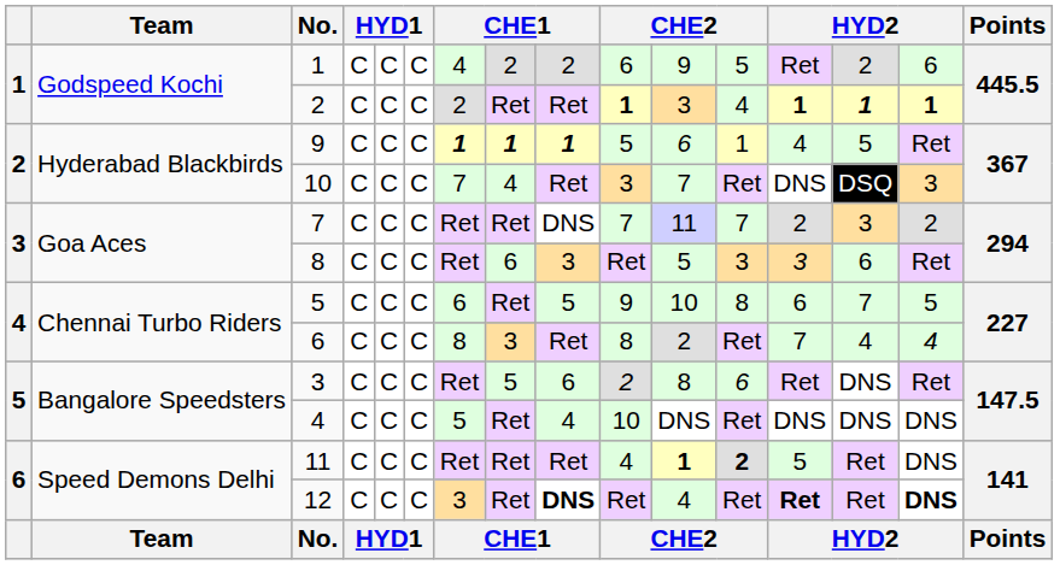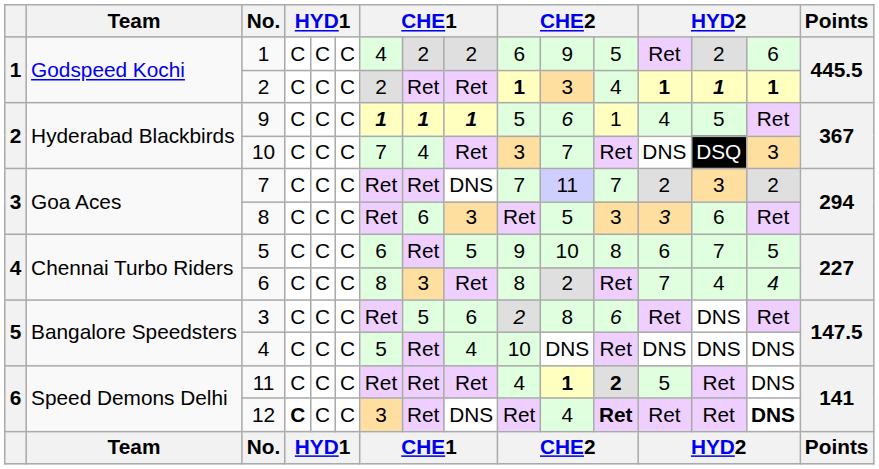 <table class="wikitable" style="font-size: 85%; text-align: center;">
 <tr>
 <th valign="middle"></th>
 <th valign="middle">Team</th>
 <th valign="middle">No.</th>
 <th colspan="3"><a href='#'>HYD</a>1<br></th>
 <th colspan="3"><a href='#'>CHE</a>1<br></th>
 <th colspan="3"><a href='#'>CHE</a>2<br></th>
 <th colspan="3"><a href='#'>HYD</a>2<br></th>
 <th valign="middle">Points</th>
 </tr>
 <tr>
 <th rowspan="2">1</th>
 <td align="left" rowspan="2"><a href='#'>Godspeed Kochi</a></td>
 <td>1</td>
 <td style="background:#ffffff;">C</td>
 <td style="background:#ffffff;">C</td>
 <td style="background:#ffffff;">C</td>
 <td style="background:#dfffdf;">4</td>
 <td style="background:#dfdfdf;">2</td>
 <td style="background:#dfdfdf;">2</td>
 <td style="background:#dfffdf;">6</td>
 <td style="background:#dfffdf;">9</td>
 <td style="background:#dfffdf;">5</td>
 <td style="background:#efcfff;">Ret</td>
 <td style="background:#dfdfdf;">2</td>
 <td style="background:#dfffdf;">6</td>
 <th rowspan="2">445.5</th>
 </tr>
 <tr>
 <td>2</td>
 <td style="background:#ffffff;">C</td>
 <td style="background:#ffffff;">C</td>
 <td style="background:#ffffff;">C</td>
 <td style="background:#dfdfdf;">2</td>
 <td style="background:#efcfff;">Ret</td>
 <td style="background:#efcfff;">Ret</td>
 <td style="background:#ffffbf;"><strong>1</strong></td>
 <td style="background:#ffdf9f;">3</td>
 <td style="background:#dfffdf;">4</td>
 <td style="background:#ffffbf;"><strong>1</strong></td>
 <td style="background:#ffffbf;"><strong><em>1</em></strong></td>
 <td style="background:#ffffbf;"><strong>1</strong></td>
 </tr>
 <tr>
 <th rowspan="2">2</th>
 <td align="left" rowspan="2">Hyderabad Blackbirds</td>
 <td>9</td>
 <td style="background:#ffffff;">C</td>
 <td style="background:#ffffff;">C</td>
 <td style="background:#ffffff;">C</td>
 <td style="background:#ffffbf;"><strong><em>1</em></strong></td>
 <td style="background:#ffffbf;"><strong><em>1</em></strong></td>
 <td style="background:#ffffbf;"><strong><em>1</em></strong></td>
 <td style="background:#dfffdf;">5</td>
 <td style="background:#dfffdf;"><em>6</em></td>
 <td style="background:#ffffbf;">1</td>
 <td style="background:#dfffdf;">4</td>
 <td style="background:#dfffdf;">5</td>
 <td style="background:#efcfff;">Ret</td>
 <th rowspan="2">367</th>
 </tr>
 <tr>
 <td>10</td>
 <td style="background:#ffffff;">C</td>
 <td style="background:#ffffff;">C</td>
 <td style="background:#ffffff;">C</td>
 <td style="background:#dfffdf;">7</td>
 <td style="background:#dfffdf;">4</td>
 <td style="background:#efcfff;">Ret</td>
 <td style="background:#ffdf9f;">3</td>
 <td style="background:#dfffdf;">7</td>
 <td style="background:#efcfff;">Ret</td>
 <td style="background:#ffffff;">DNS</td>
 <td style="background:#000000;color:white">DSQ</td>
 <td style="background:#ffdf9f;">3</td>
 </tr>
 <tr>
 <th rowspan="2">3</th>
 <td align="left" rowspan="2">Goa Aces</td>
 <td>7</td>
 <td style="background:#ffffff;">C</td>
 <td style="background:#ffffff;">C</td>
 <td style="background:#ffffff;">C</td>
 <td style="background:#efcfff;">Ret</td>
 <td style="background:#efcfff;">Ret</td>
 <td style="background:#ffffff;">DNS</td>
 <td style="background:#dfffdf;">7</td>
 <td style="background:#cfcfff;">11</td>
 <td style="background:#dfffdf;">7</td>
 <td style="background:#dfdfdf;">2</td>
 <td style="background:#ffdf9f;">3</td>
 <td style="background:#dfdfdf;">2</td>
 <th rowspan="2">294</th>
 </tr>
 <tr>
 <td>8</td>
 <td style="background:#ffffff;">C</td>
 <td style="background:#ffffff;">C</td>
 <td style="background:#ffffff;">C</td>
 <td style="background:#efcfff;">Ret</td>
 <td style="background:#dfffdf;">6</td>
 <td style="background:#ffdf9f;">3</td>
 <td style="background:#efcfff;">Ret</td>
 <td style="background:#dfffdf;">5</td>
 <td style="background:#ffdf9f;">3</td>
 <td style="background:#ffdf9f;"><em>3</em></td>
 <td style="background:#dfffdf;">6</td>
 <td style="background:#efcfff;">Ret</td>
 </tr>
 <tr>
 <th rowspan="2">4</th>
 <td align="left" rowspan="2">Chennai Turbo Riders</td>
 <td>5</td>
 <td style="background:#ffffff;">C</td>
 <td style="background:#ffffff;">C</td>
 <td style="background:#ffffff;">C</td>
 <td style="background:#dfffdf;">6</td>
 <td style="background:#efcfff;">Ret</td>
 <td style="background:#dfffdf;">5</td>
 <td style="background:#dfffdf;">9</td>
 <td style="background:#dfffdf;">10</td>
 <td style="background:#dfffdf;">8</td>
 <td style="background:#dfffdf;">6</td>
 <td style="background:#dfffdf;">7</td>
 <td style="background:#dfffdf;">5</td>
 <th rowspan="2">227</th>
 </tr>
 <tr>
 <td>6</td>
 <td style="background:#ffffff;">C</td>
 <td style="background:#ffffff;">C</td>
 <td style="background:#ffffff;">C</td>
 <td style="background:#dfffdf;">8</td>
 <td style="background:#ffdf9f;">3</td>
 <td style="background:#efcfff;">Ret</td>
 <td style="background:#dfffdf;">8</td>
 <td style="background:#dfdfdf;">2</td>
 <td style="background:#efcfff;">Ret</td>
 <td style="background:#dfffdf;">7</td>
 <td style="background:#dfffdf;">4</td>
 <td style="background:#dfffdf;"><em>4</em></td>
 </tr>
 <tr>
 <th rowspan="2">5</th>
 <td align="left" rowspan="2">Bangalore Speedsters</td>
 <td>3</td>
 <td style="background:#ffffff;">C</td>
 <td style="background:#ffffff;">C</td>
 <td style="background:#ffffff;">C</td>
 <td style="background:#efcfff;">Ret</td>
 <td style="background:#dfffdf;">5</td>
 <td style="background:#dfffdf;">6</td>
 <td style="background:#dfdfdf;"><em>2</em></td>
 <td style="background:#dfffdf;">8</td>
 <td style="background:#dfffdf;"><em>6</em></td>
 <td style="background:#efcfff;">Ret</td>
 <td style="background:#ffffff;">DNS</td>
 <td style="background:#efcfff;">Ret</td>
 <th rowspan="2">147.5</th>
 </tr>
 <tr>
 <td>4</td>
 <td style="background:#ffffff;">C</td>
 <td style="background:#ffffff;">C</td>
 <td style="background:#ffffff;">C</td>
 <td style="background:#dfffdf;">5</td>
 <td style="background:#efcfff;">Ret</td>
 <td style="background:#dfffdf;">4</td>
 <td style="background:#dfffdf;">10</td>
 <td style="background:#ffffff;">DNS</td>
 <td style="background:#efcfff;">Ret</td>
 <td style="background:#ffffff;">DNS</td>
 <td style="background:#ffffff;">DNS</td>
 <td style="background:#ffffff;">DNS</td>
 </tr>
 <tr>
 <th rowspan="2">6</th>
 <td align="left" rowspan="2">Speed Demons Delhi</td>
 <td>11</td>
 <td style="background:#ffffff;">C</td>
 <td style="background:#ffffff;">C</td>
 <td style="background:#ffffff;">C</td>
 <td style="background:#efcfff;">Ret</td>
 <td style="background:#efcfff;">Ret</td>
 <td style="background:#efcfff;">Ret</td>
 <td style="background:#dfffdf;">4</td>
 <td style="background:#ffffbf;"><strong>1</strong></td>
 <td style="background:#dfdfdf;"><strong>2</strong></td>
 <td style="background:#dfffdf;">5</td>
 <td style="background:#efcfff;">Ret</td>
 <td style="background:#ffffff;">DNS</td>
 <th rowspan="2">141</th>
 </tr>
 <tr>
 <td>12</td>
-<td style="background:#ffffff;">C</td>
+<td style="background:#ffffff;"><strong>C</strong></td>
 <td style="background:#ffffff;">C</td>
 <td style="background:#ffffff;">C</td>
 <td style="background:#ffdf9f;">3</td>
 <td style="background:#efcfff;">Ret</td>
-<td style="background:#ffffff;"><strong>DNS</strong></td>
+<td style="background:#ffffff;">DNS</td>
 <td style="background:#efcfff;">Ret</td>
 <td style="background:#dfffdf;">4</td>
+<td style="background:#efcfff;"><strong>Ret</strong></td>
 <td style="background:#efcfff;">Ret</td>
-<td style="background:#efcfff;"><strong>Ret</strong></td>
 <td style="background:#efcfff;">Ret</td>
 <td style="background:#ffffff;"><strong>DNS</strong></td>
 </tr>
 <tr>
 <th></th>
 <th>Team</th>
 <th>No.</th>
 <th colspan="3"><a href='#'>HYD</a>1<br></th>
 <th colspan="3"><a href='#'>CHE</a>1<br></th>
 <th colspan="3"><a href='#'>CHE</a>2<br></th>
 <th colspan="3"><a href='#'>HYD</a>2<br></th>
 <th>Points</th>
 </tr>
 </table>
